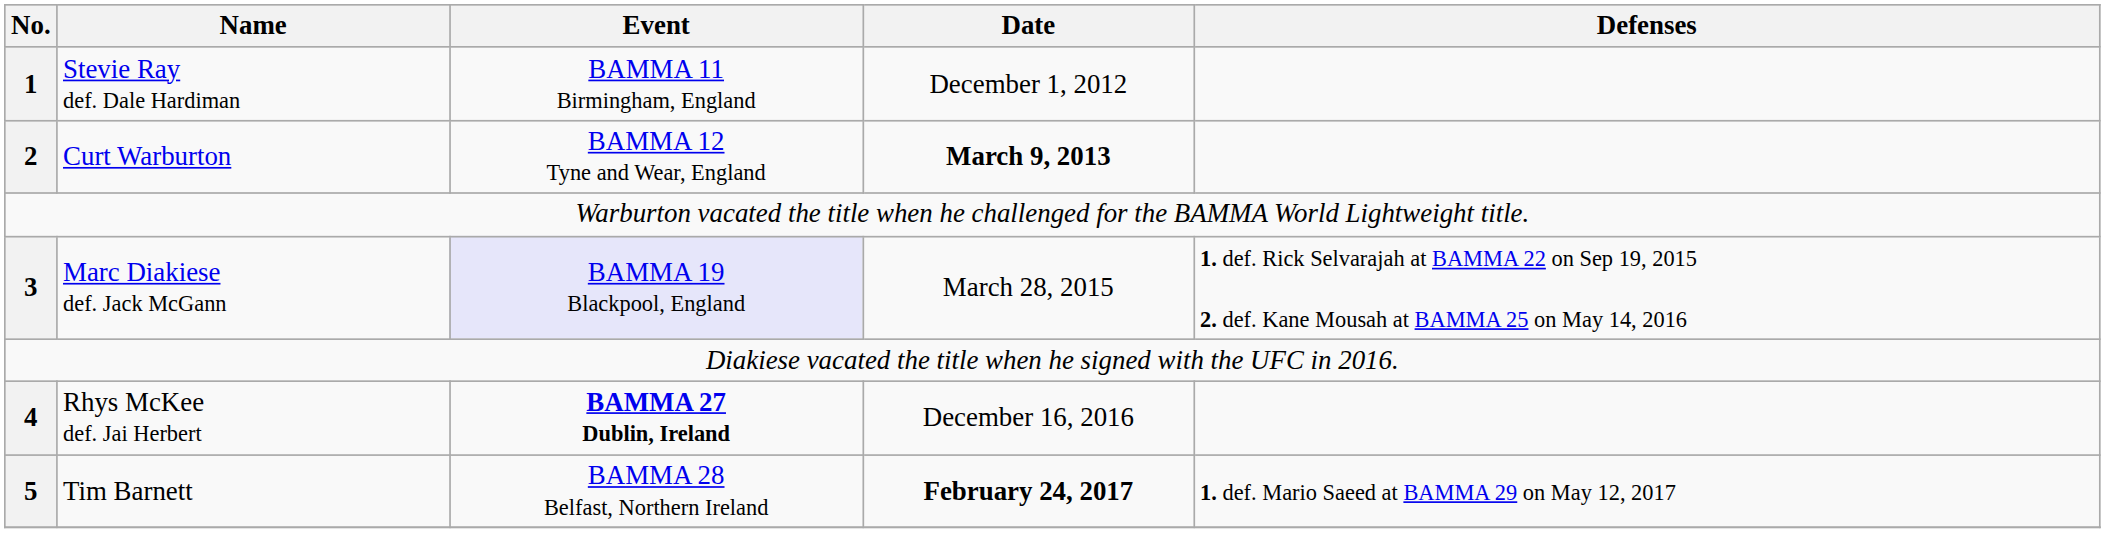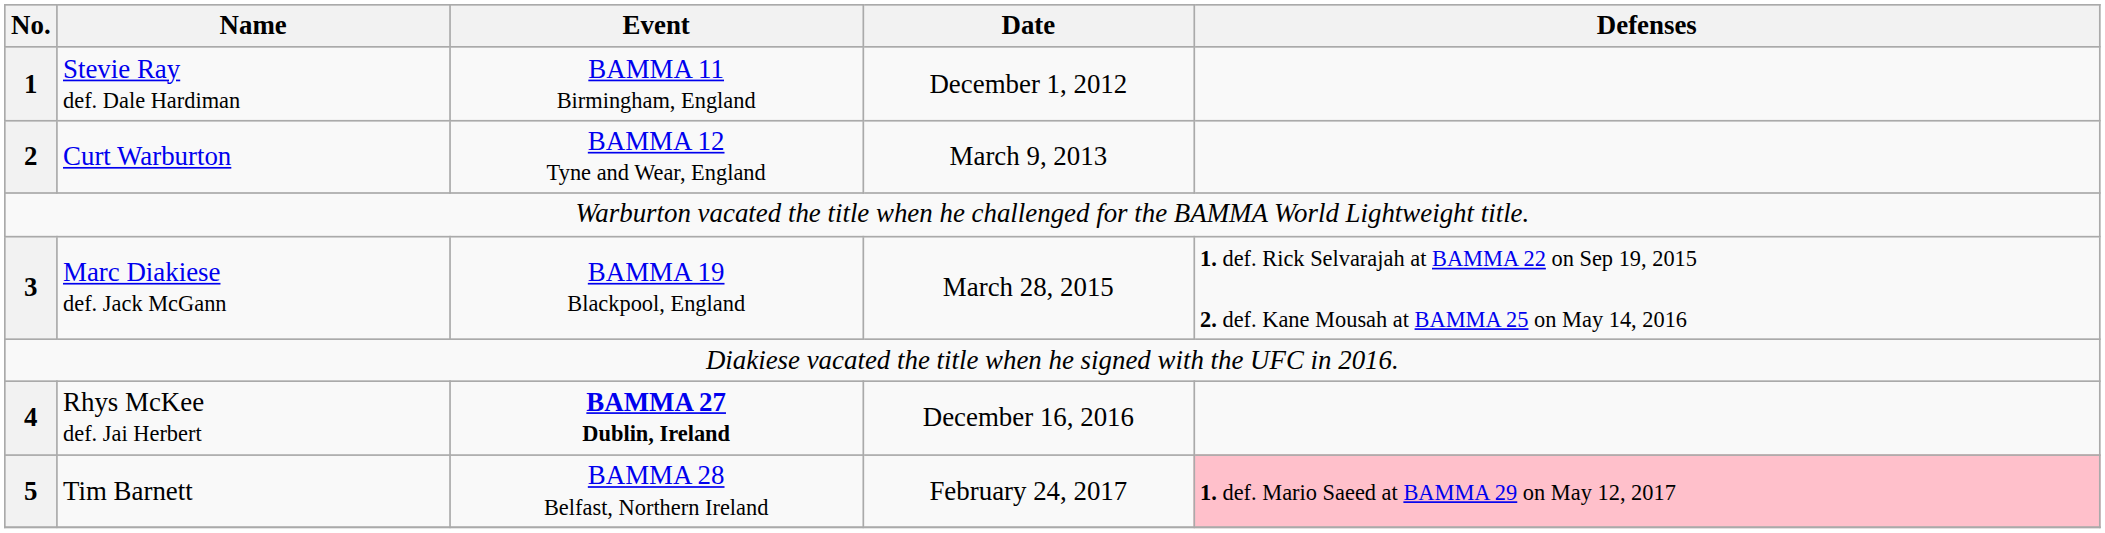 <table class="wikitable">
 <tr>
 <th width=1%>No.</th>
 <th width=19%>Name</th>
 <th width=20%>Event</th>
 <th width=16%>Date</th>
 <th width=44%>Defenses</th>
 </tr>
 <tr>
 <th>1</th>
 <td align=left> <a href='#'>Stevie Ray</a><br><small>def. Dale Hardiman</small></td>
 <td align=center><a href='#'>BAMMA 11</a><br><small>Birmingham, England</small></td>
 <td align=center>December 1, 2012</td>
 <td></td>
 </tr>
 <tr>
 <th>2</th>
 <td align=left> <a href='#'>Curt Warburton</a></td>
 <td align=center><a href='#'>BAMMA 12</a><br><small>Tyne and Wear, England</small></td>
-<td align=center><strong>March 9, 2013</strong></td>
+<td align=center>March 9, 2013</td>
 <td></td>
 </tr>
 <tr>
 <td align="center" colspan="5"><em>Warburton vacated the title when he challenged for the BAMMA World Lightweight title.</em></td>
 </tr>
 <tr>
 <th>3</th>
 <td align=left> <a href='#'>Marc Diakiese</a><br><small>def. Jack McGann</small></td>
-<td align=center style="background: lavender;"><a href='#'>BAMMA 19</a><br><small>Blackpool, England</small></td>
+<td align=center><a href='#'>BAMMA 19</a><br><small>Blackpool, England</small></td>
 <td align=center>March 28, 2015</td>
 <td><small><strong>1.</strong> def. Rick Selvarajah at <a href='#'>BAMMA 22</a> on Sep 19, 2015<br></small><br><small><strong>2.</strong> def. Kane Mousah at <a href='#'>BAMMA 25</a> on May 14, 2016<br></small></td>
 </tr>
 <tr>
 <td align="center" colspan="5"><em>Diakiese vacated the title when he signed with the UFC in 2016.</em></td>
 </tr>
 <tr>
 <th>4</th>
 <td align=left> Rhys McKee<br><small>def. Jai Herbert</small></td>
 <td align=center><strong><a href='#'>BAMMA 27</a><br><small>Dublin, Ireland</small></strong></td>
 <td align=center>December 16, 2016</td>
 <td></td>
 </tr>
 <tr>
 <th>5</th>
 <td align=left> Tim Barnett</td>
 <td align=center><a href='#'>BAMMA 28</a><br><small>Belfast, Northern Ireland</small></td>
-<td align=center><strong>February 24, 2017</strong></td>
-<td><small><strong>1.</strong> def. Mario Saeed at <a href='#'>BAMMA 29</a> on May 12, 2017<br></small></td>
+<td align=center>February 24, 2017</td>
+<td style="background: pink;"><small><strong>1.</strong> def. Mario Saeed at <a href='#'>BAMMA 29</a> on May 12, 2017<br></small></td>
 </tr>
 <tr>
 </tr>
 </table>
